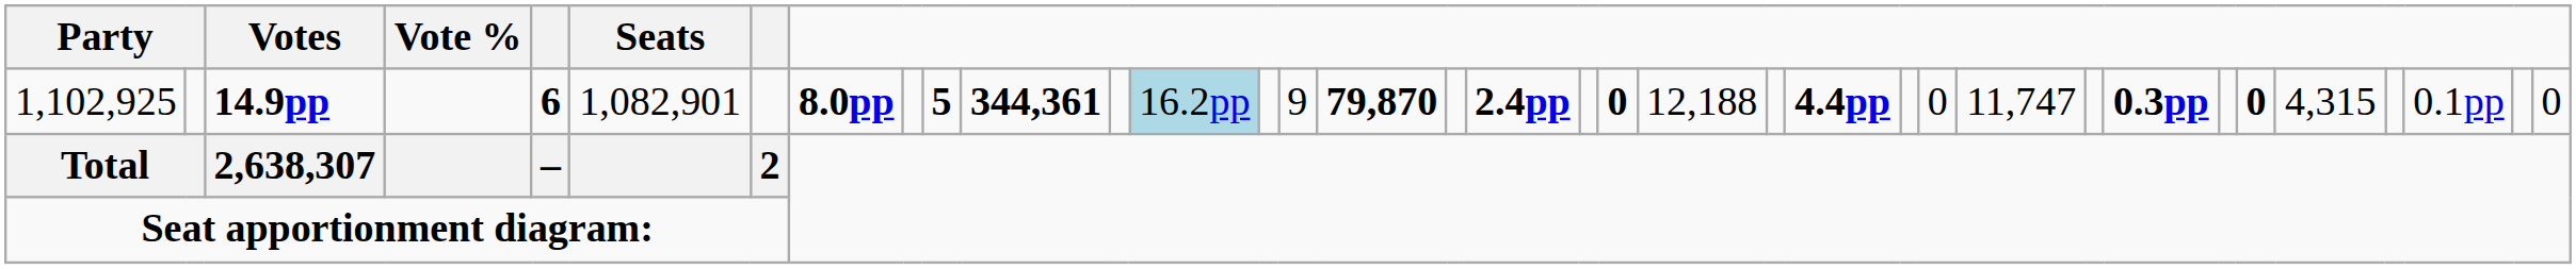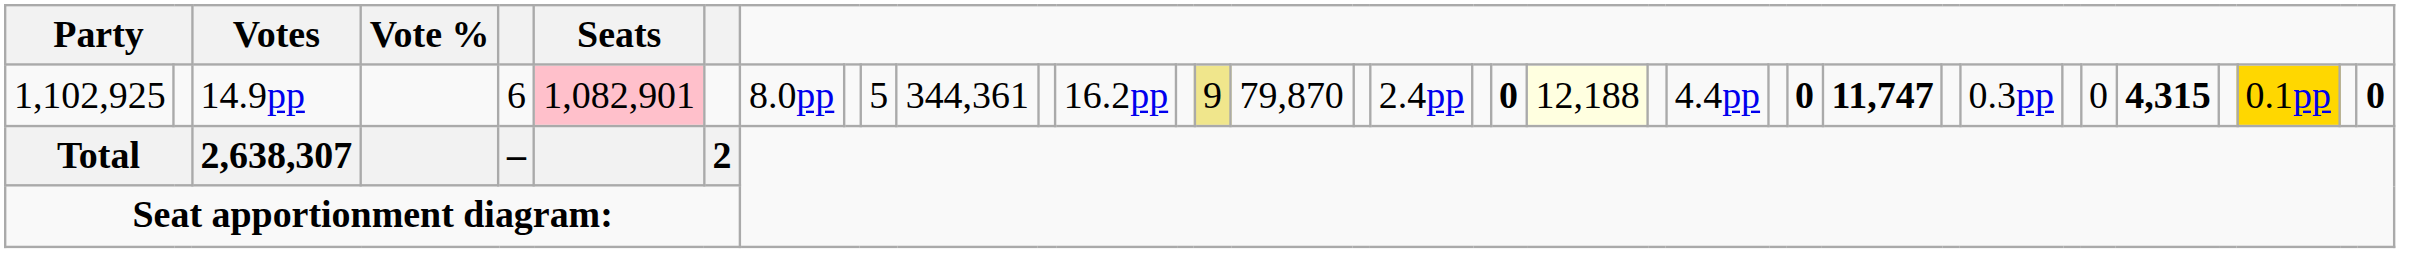 <table class="wikitable" style="text-align:right;">
 <tr>
 <th colspan="2">Party</th>
 <th>Votes</th>
 <th>Vote %</th>
 <th></th>
 <th>Seats</th>
 <th></th>
 </tr>
 <tr>
 <td>1,102,925</td>
 <td style="text-align:center;"></td>
-<td style="text-align:left;"><strong> 14.9<a href='#'>pp</a></strong></td>
+<td style="text-align:left;"> 14.9<a href='#'>pp</a></td>
 <td style="text-align:center;"></td>
-<td style="text-align:left;"><strong> 6<br></strong></td>
-<td>1,082,901</td>
+<td style="text-align:left;"> 6<br></td>
+<td style="background: pink;">1,082,901</td>
 <td style="text-align:center;"></td>
-<td style="text-align:left;"><strong> 8.0<a href='#'>pp</a></strong></td>
+<td style="text-align:left;"> 8.0<a href='#'>pp</a></td>
 <td style="text-align:center;"></td>
-<td style="text-align:left;"><strong> 5<br></strong></td>
-<td><strong>344,361</strong></td>
+<td style="text-align:left;"> 5<br></td>
+<td>344,361</td>
 <td style="text-align:center;"></td>
-<td style="background: lightblue; text-align:left;"> 16.2<a href='#'>pp</a></td>
+<td style="text-align:left;"> 16.2<a href='#'>pp</a></td>
 <td style="text-align:center;"></td>
-<td style="text-align:left;"> 9<br></td>
-<td><strong>79,870</strong></td>
+<td style="background: khaki; text-align:left;"> 9<br></td>
+<td>79,870</td>
 <td style="text-align:center;"></td>
-<td style="text-align:left;"><strong> 2.4<a href='#'>pp</a></strong></td>
+<td style="text-align:left;"> 2.4<a href='#'>pp</a></td>
 <td style="text-align:center;"></td>
 <td style="text-align:left;"><strong> 0<br></strong></td>
-<td>12,188</td>
+<td style="background: lightyellow;">12,188</td>
 <td style="text-align:center;"></td>
-<td style="text-align:left;"><strong> 4.4<a href='#'>pp</a></strong></td>
+<td style="text-align:left;"> 4.4<a href='#'>pp</a></td>
+<td style="text-align:center;"></td>
+<td style="text-align:left;"><strong> 0<br></strong></td>
+<td><strong>11,747</strong></td>
+<td style="text-align:center;"></td>
+<td style="text-align:left;"> 0.3<a href='#'>pp</a></td>
 <td style="text-align:center;"></td>
 <td style="text-align:left;"> 0<br></td>
-<td>11,747</td>
+<td><strong>4,315</strong></td>
 <td style="text-align:center;"></td>
-<td style="text-align:left;"><strong> 0.3<a href='#'>pp</a></strong></td>
+<td style="background: gold; text-align:left;"> 0.1<a href='#'>pp</a></td>
 <td style="text-align:center;"></td>
-<td style="text-align:left;"><strong> 0<br></strong></td>
-<td>4,315</td>
-<td style="text-align:center;"></td>
-<td style="text-align:left;"> 0.1<a href='#'>pp</a></td>
-<td style="text-align:center;"></td>
-<td style="text-align:left;"> 0</td>
+<td style="text-align:left;"><strong> 0</strong></td>
 </tr>
 <tr>
 <th colspan="2">Total</th>
 <th>2,638,307</th>
 <th></th>
 <th>–</th>
 <th></th>
 <th style="text-align:left;"> 2</th>
 </tr>
 <tr>
 <td colspan="7;" style="text-align:center"><strong>Seat apportionment diagram:</strong><br></td>
 </tr>
 </table>
